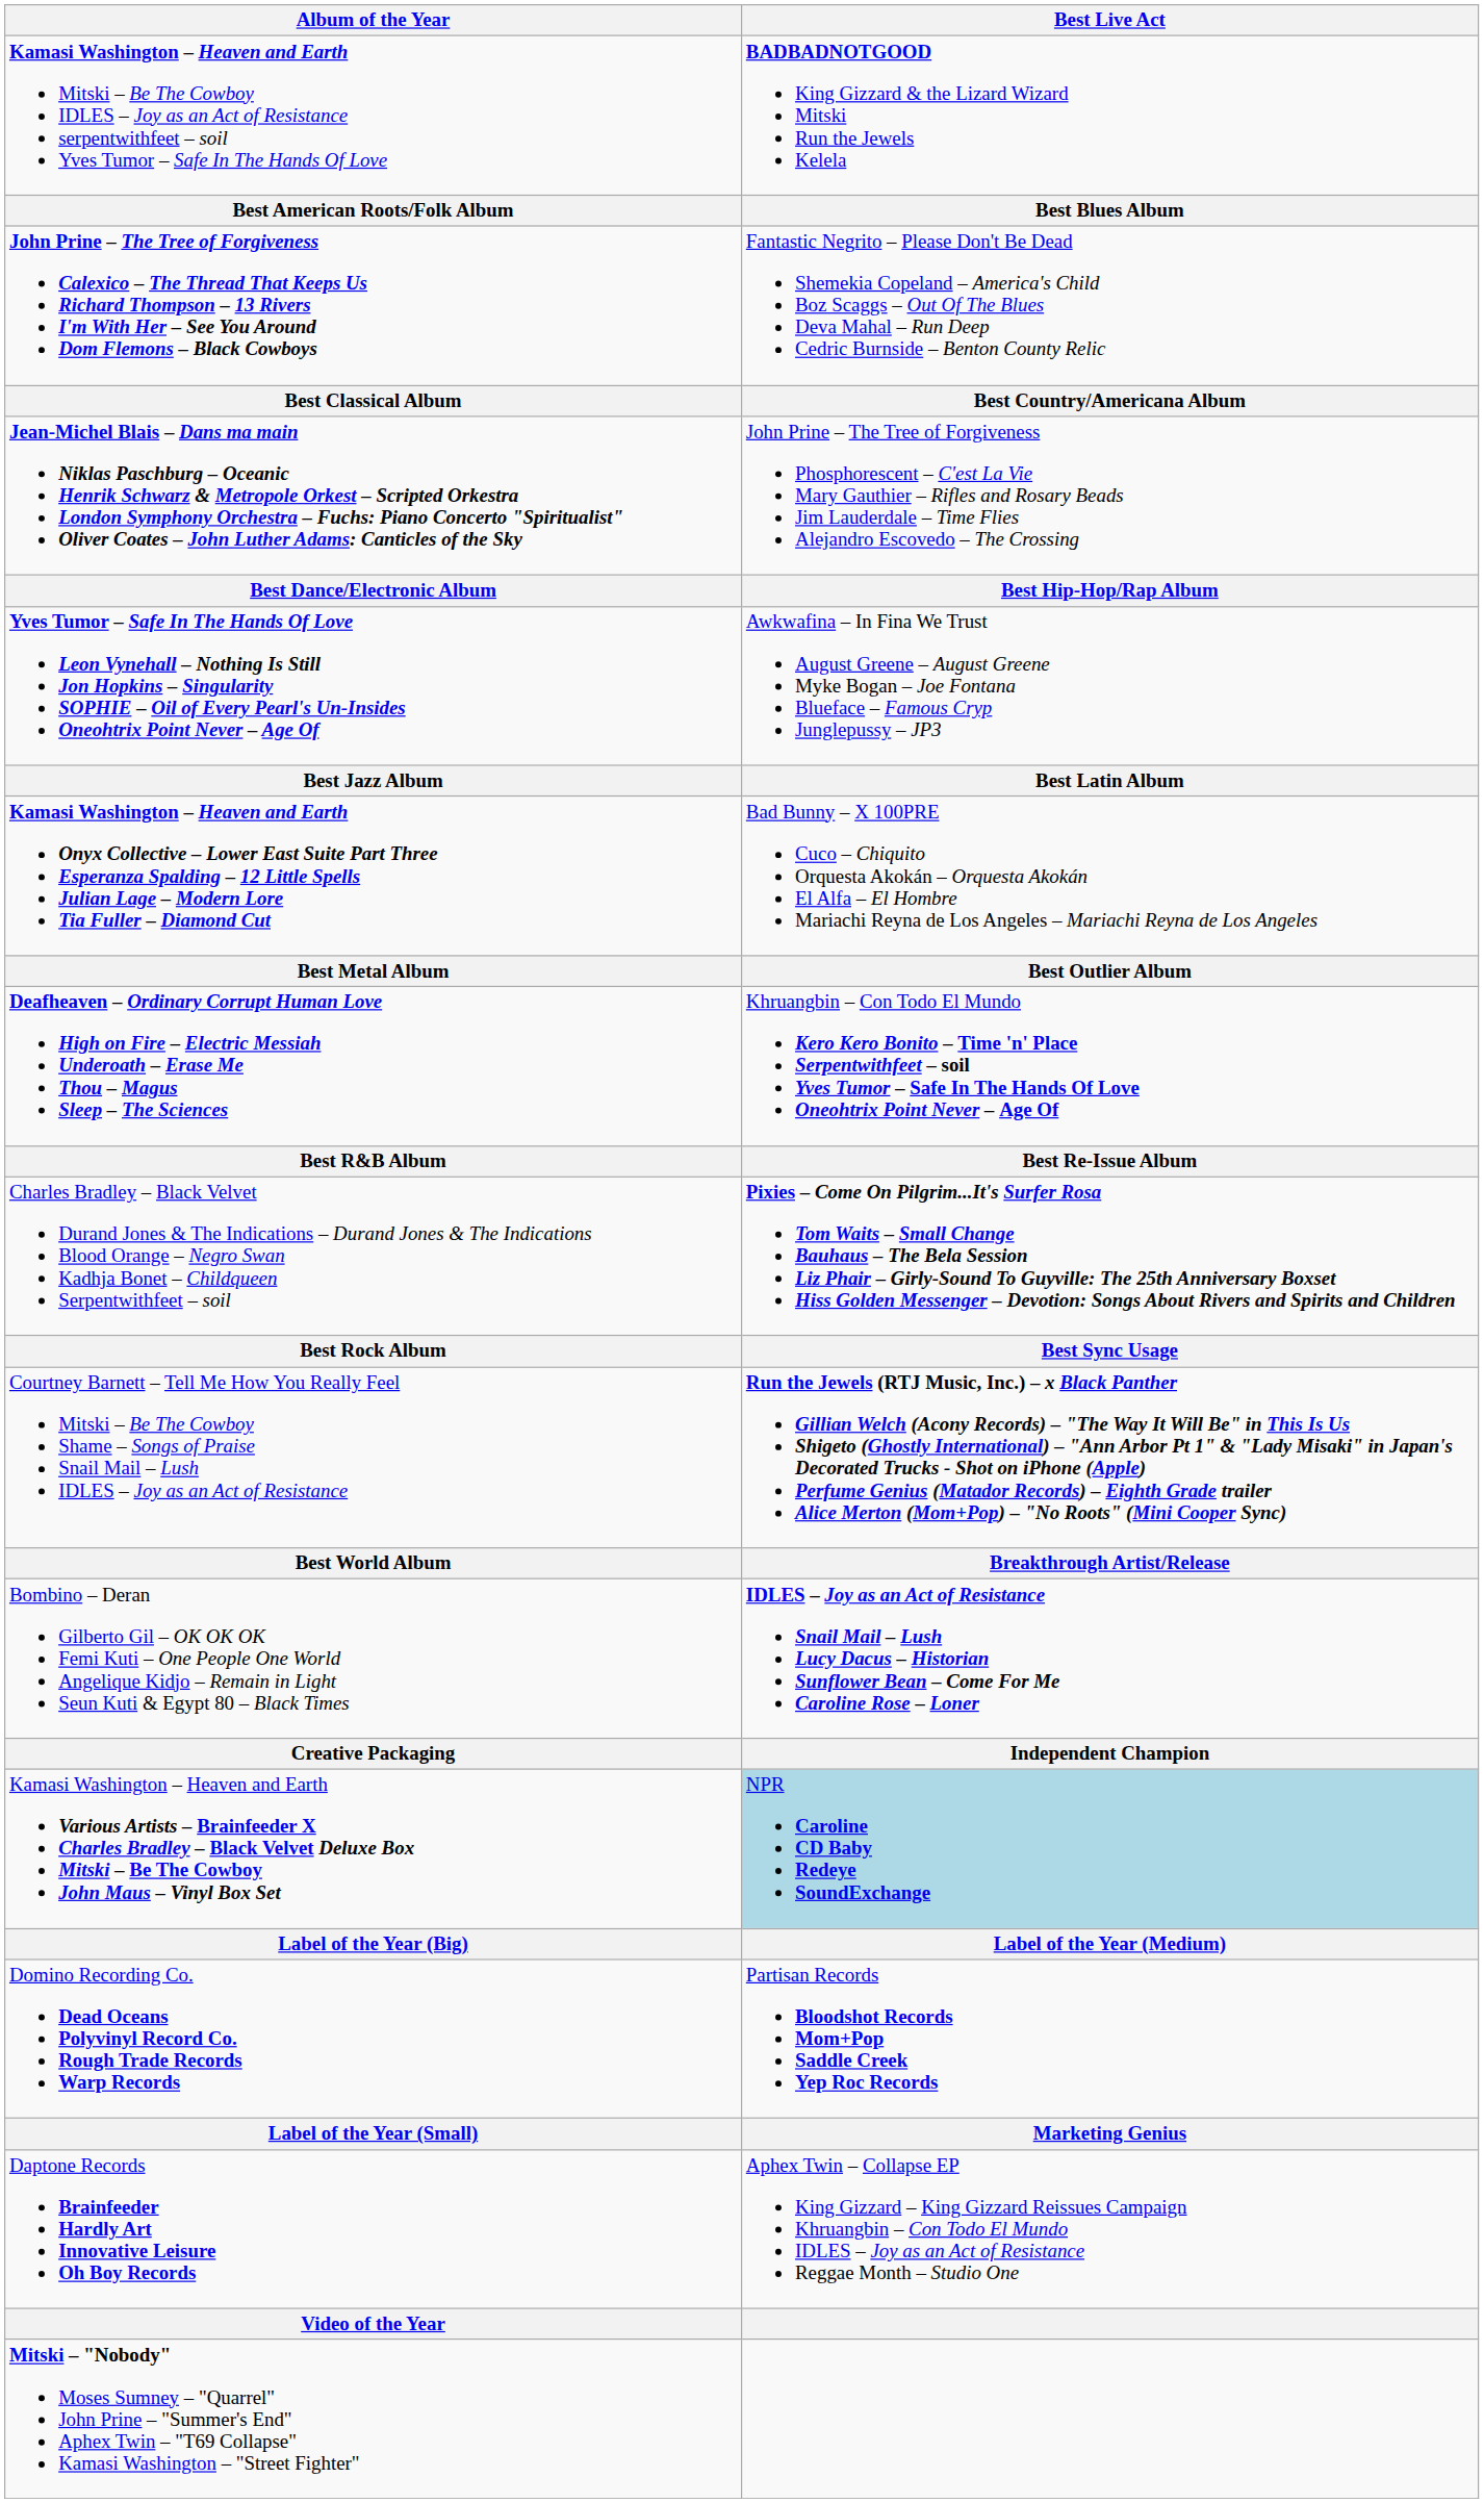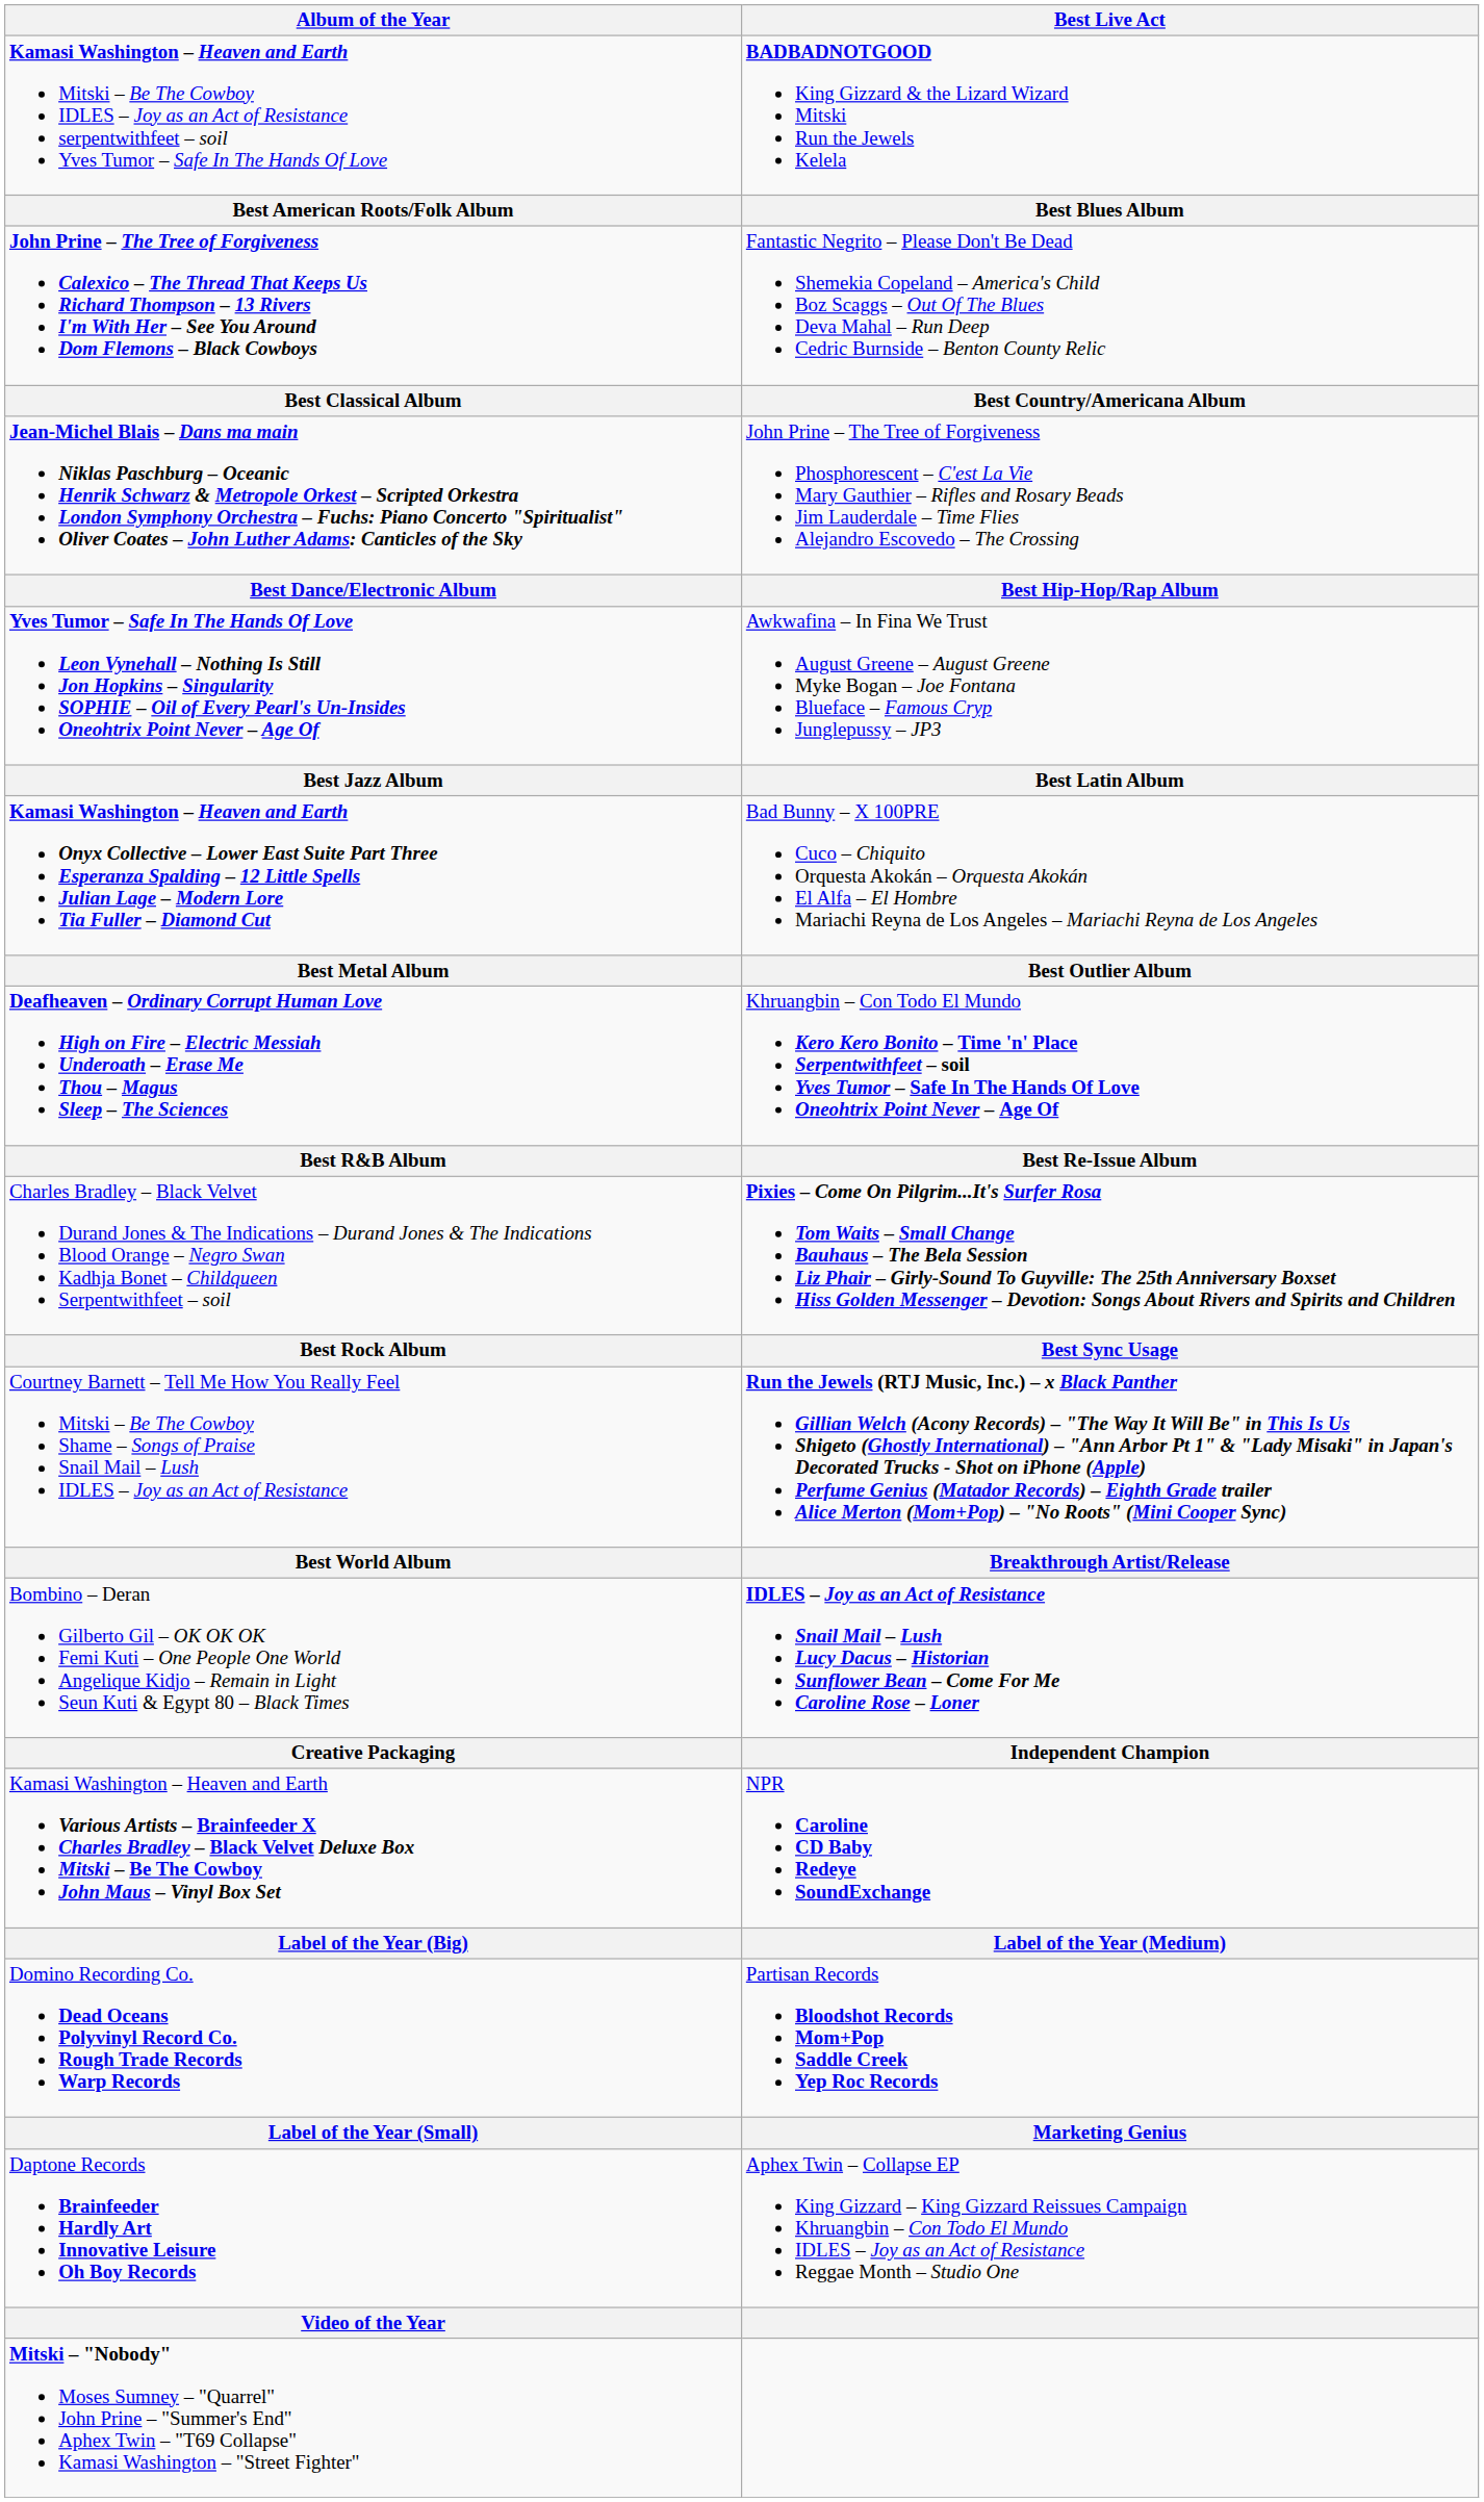 <table class="wikitable" style="width:95%">
 <tr>
 <th width="50%"><a href='#'>Album of the Year</a></th>
 <th width="50%"><a href='#'>Best Live Act</a></th>
 </tr>
 <tr>
 <td valign="top"><strong><a href='#'>Kamasi Washington</a> – <a href='#'><em>Heaven and Earth</em></a></strong><br><ul><li><a href='#'>Mitski</a> – <em><a href='#'>Be The Cowboy</a></em></li><li><a href='#'>IDLES</a> – <em><a href='#'>Joy as an Act of Resistance</a></em></li><li><a href='#'>serpentwithfeet</a> – <em>soil</em></li><li><a href='#'>Yves Tumor</a> – <em><a href='#'>Safe In The Hands Of Love</a></em></li></ul></td>
 <td valign="top"><a href='#'><strong>BADBADNOTGOOD</strong></a><br><ul><li><a href='#'>King Gizzard & the Lizard Wizard</a></li><li><a href='#'>Mitski</a></li><li><a href='#'>Run the Jewels</a></li><li><a href='#'>Kelela</a></li></ul></td>
 </tr>
 <tr>
 <th width="50%">Best American Roots/Folk Album</th>
 <th width="50%">Best Blues Album</th>
 </tr>
 <tr>
 <td valign="top"><strong><a href='#'>John Prine</a> – <em><a href='#'>The Tree of Forgiveness</a><strong><em><br><ul><li><a href='#'>Calexico</a> – </em><a href='#'>The Thread That Keeps Us</a><em></li><li><a href='#'>Richard Thompson</a> – </em><a href='#'>13 Rivers</a><em></li><li><a href='#'>I'm With Her</a> – </em>See You Around<em></li><li><a href='#'>Dom Flemons</a> – </em>Black Cowboys<em></li></ul></td>
 <td valign="top"></strong><a href='#'>Fantastic Negrito</a> – </em><a href='#'>Please Don't Be Dead</a></em></strong><br><ul><li><a href='#'>Shemekia Copeland</a> – <em>America's Child</em></li><li><a href='#'>Boz Scaggs</a> – <em><a href='#'>Out Of The Blues</a></em></li><li><a href='#'>Deva Mahal</a> – <em>Run Deep</em></li><li><a href='#'>Cedric Burnside</a> – <em>Benton County Relic</em></li></ul></td>
 </tr>
 <tr>
 <th width="50%">Best Classical Album</th>
 <th width="50%">Best Country/Americana Album</th>
 </tr>
 <tr>
 <td valign="top"><strong><a href='#'>Jean-Michel Blais</a> – <em><a href='#'>Dans ma main</a><strong><em><br><ul><li>Niklas Paschburg – </em>Oceanic<em></li><li><a href='#'>Henrik Schwarz</a> & <a href='#'>Metropole Orkest</a> – </em>Scripted Orkestra<em></li><li><a href='#'>London Symphony Orchestra</a> – </em>Fuchs: Piano Concerto "Spiritualist"<em></li><li>Oliver Coates – </em><a href='#'>John Luther Adams</a>: Canticles of the Sky<em></li></ul></td>
 <td valign="top"></strong><a href='#'>John Prine</a> – </em><a href='#'>The Tree of Forgiveness</a></em></strong><br><ul><li><a href='#'>Phosphorescent</a> – <em><a href='#'>C'est La Vie</a></em></li><li><a href='#'>Mary Gauthier</a> – <em>Rifles and Rosary Beads</em></li><li><a href='#'>Jim Lauderdale</a> – <em>Time Flies</em></li><li><a href='#'>Alejandro Escovedo</a> – <em>The Crossing</em></li></ul></td>
 </tr>
 <tr>
 <th width="50%"><a href='#'>Best Dance/Electronic Album</a></th>
 <th width="50%"><a href='#'>Best Hip-Hop/Rap Album</a></th>
 </tr>
 <tr>
 <td valign="top"><strong><a href='#'>Yves Tumor</a> – <em><a href='#'>Safe In The Hands Of Love</a><strong><em><br><ul><li><a href='#'>Leon Vynehall</a> – </em>Nothing Is Still<em></li><li><a href='#'>Jon Hopkins</a> – </em><a href='#'>Singularity</a><em></li><li><a href='#'>SOPHIE</a> – </em><a href='#'>Oil of Every Pearl's Un-Insides</a><em></li><li><a href='#'>Oneohtrix Point Never</a> – </em><a href='#'>Age Of</a><em></li></ul></td>
 <td valign="top"></strong><a href='#'>Awkwafina</a> – </em>In Fina We Trust</em></strong><br><ul><li><a href='#'>August Greene</a> – <em>August Greene</em></li><li>Myke Bogan – <em>Joe Fontana</em></li><li><a href='#'>Blueface</a> – <em><a href='#'>Famous Cryp</a></em></li><li><a href='#'>Junglepussy</a> – <em>JP3</em></li></ul></td>
 </tr>
 <tr>
 <th width="50%">Best Jazz Album</th>
 <th width="50%">Best Latin Album</th>
 </tr>
 <tr>
 <td valign="top"><strong><a href='#'>Kamasi Washington</a> – <em><a href='#'>Heaven and Earth</a><strong><em><br><ul><li>Onyx Collective – </em>Lower East Suite Part Three<em></li><li><a href='#'>Esperanza Spalding</a> – </em><a href='#'>12 Little Spells</a><em></li><li><a href='#'>Julian Lage</a> – </em><a href='#'>Modern Lore</a><em></li><li><a href='#'>Tia Fuller</a> – </em><a href='#'>Diamond Cut</a><em></li></ul></td>
 <td valign="top"></strong><a href='#'>Bad Bunny</a> – </em><a href='#'>X 100PRE</a></em></strong><br><ul><li><a href='#'>Cuco</a> – <em>Chiquito</em></li><li>Orquesta Akokán – <em>Orquesta Akokán</em></li><li><a href='#'>El Alfa</a> – <em>El Hombre</em></li><li>Mariachi Reyna de Los Angeles – <em>Mariachi Reyna de Los Angeles</em></li></ul></td>
 </tr>
 <tr>
 <th width="50%">Best Metal Album</th>
 <th width="50%">Best Outlier Album</th>
 </tr>
 <tr>
 <td valign="top"><strong><a href='#'>Deafheaven</a> – <em><a href='#'>Ordinary Corrupt Human Love</a><strong><em><br><ul><li><a href='#'>High on Fire</a> – </em><a href='#'>Electric Messiah</a><em></li><li><a href='#'>Underoath</a> – <a href='#'></em>Erase Me<em></a></li><li><a href='#'>Thou</a> – <a href='#'></em>Magus<em></a></li><li><a href='#'>Sleep</a> – </em><a href='#'>The Sciences</a><em></li></ul></td>
 <td valign="top"></strong><a href='#'>Khruangbin</a> – <a href='#'></em>Con Todo El Mundo<em></a><strong><br><ul><li><a href='#'>Kero Kero Bonito</a> – </em><a href='#'>Time 'n' Place</a><em></li><li><a href='#'>Serpentwithfeet</a> – </em>soil<em></li><li><a href='#'>Yves Tumor</a> – <a href='#'></em>Safe In The Hands Of Love<em></a></li><li><a href='#'>Oneohtrix Point Never</a> – </em><a href='#'>Age Of</a><em></li></ul></td>
 </tr>
 <tr>
 <th width="50%">Best R&B Album</th>
 <th width="50%">Best Re-Issue Album</th>
 </tr>
 <tr>
 <td valign="top"></strong><a href='#'>Charles Bradley</a> – </em><a href='#'>Black Velvet</a></em></strong><br><ul><li><a href='#'>Durand Jones & The Indications</a> – <em>Durand Jones & The Indications</em></li><li><a href='#'>Blood Orange</a> – <em><a href='#'>Negro Swan</a></em></li><li><a href='#'>Kadhja Bonet</a> – <em><a href='#'>Childqueen</a></em></li><li><a href='#'>Serpentwithfeet</a> – <em>soil</em></li></ul></td>
 <td valign="top"><strong><a href='#'>Pixies</a> – <em>Come On Pilgrim...It's <a href='#'>Surfer Rosa</a><strong><em><br><ul><li><a href='#'>Tom Waits</a> – <a href='#'></em>Small Change<em></a></li><li><a href='#'>Bauhaus</a> – </em>The Bela Session<em></li><li><a href='#'>Liz Phair</a> – </em>Girly-Sound To Guyville: The 25th Anniversary Boxset<em></li><li><a href='#'>Hiss Golden Messenger</a> – </em>Devotion: Songs About Rivers and Spirits and Children<em></li></ul></td>
 </tr>
 <tr>
 <th width="50%">Best Rock Album</th>
 <th width="50%"><a href='#'>Best Sync Usage</a></th>
 </tr>
 <tr>
 <td valign="top"></strong><a href='#'>Courtney Barnett</a> – </em><a href='#'>Tell Me How You Really Feel</a></em></strong><br><ul><li><a href='#'>Mitski</a> – <a href='#'><em>Be The Cowboy</em></a></li><li><a href='#'>Shame</a> – <a href='#'><em>Songs of Praise</em></a></li><li><a href='#'>Snail Mail</a> – <a href='#'><em>Lush</em></a></li><li><a href='#'>IDLES</a> – <em><a href='#'>Joy as an Act of Resistance</a></em></li></ul></td>
 <td valign="top"><strong><a href='#'>Run the Jewels</a> (RTJ Music, Inc.) – <em>x <a href='#'>Black Panther</a><strong><em><br><ul><li><a href='#'>Gillian Welch</a> (Acony Records) – "The Way It Will Be" in </em><a href='#'>This Is Us</a><em></li><li>Shigeto (<a href='#'>Ghostly International</a>) – "Ann Arbor Pt 1" & "Lady Misaki" in </em>Japan's Decorated Trucks - Shot on iPhone<em> (<a href='#'>Apple</a>)</li><li><a href='#'>Perfume Genius</a> (<a href='#'>Matador Records</a>) – </em><a href='#'>Eighth Grade</a><em> trailer</li><li><a href='#'>Alice Merton</a> (<a href='#'>Mom+Pop</a>) – "No Roots" (<a href='#'>Mini Cooper</a> Sync)</li></ul></td>
 </tr>
 <tr>
 <th width="50%">Best World Album</th>
 <th width="50%"><a href='#'>Breakthrough Artist/Release</a></th>
 </tr>
 <tr>
 <td valign="top"></strong><a href='#'>Bombino</a> – </em>Deran</em></strong><br><ul><li><a href='#'>Gilberto Gil</a> – <em>OK OK OK</em></li><li><a href='#'>Femi Kuti</a> – <em>One People One World</em></li><li><a href='#'>Angelique Kidjo</a> – <em>Remain in Light</em></li><li><a href='#'>Seun Kuti</a> & Egypt 80 – <em>Black Times</em></li></ul></td>
 <td valign="top"><strong><a href='#'>IDLES</a> – <em><a href='#'>Joy as an Act of Resistance</a><strong><em><br><ul><li><a href='#'>Snail Mail</a> – <a href='#'></em>Lush<em></a></li><li><a href='#'>Lucy Dacus</a> – <a href='#'></em>Historian<em></a></li><li><a href='#'>Sunflower Bean</a> – </em>Come For Me<em></li><li><a href='#'>Caroline Rose</a> – <a href='#'></em>Loner<em></a></li></ul></td>
 </tr>
 <tr>
 <th width="50%">Creative Packaging</th>
 <th width="50%">Independent Champion</th>
 </tr>
 <tr>
 <td valign="top"></strong><a href='#'>Kamasi Washington</a> – <a href='#'></em>Heaven and Earth<em></a><strong><br><ul><li>Various Artists – </em><a href='#'>Brainfeeder X</a><em></li><li><a href='#'>Charles Bradley</a> – </em><a href='#'>Black Velvet</a><em> Deluxe Box</li><li><a href='#'>Mitski</a> – <a href='#'></em>Be The Cowboy<em></a></li><li><a href='#'>John Maus</a> – Vinyl Box Set</li></ul></td>
-<td valign="top" style="background: lightblue;"></strong><a href='#'>NPR</a><strong><br><ul><li><a href='#'>Caroline</a></li><li><a href='#'>CD Baby</a></li><li><a href='#'>Redeye</a></li><li><a href='#'>SoundExchange</a></li></ul></td>
+<td valign="top"></strong><a href='#'>NPR</a><strong><br><ul><li><a href='#'>Caroline</a></li><li><a href='#'>CD Baby</a></li><li><a href='#'>Redeye</a></li><li><a href='#'>SoundExchange</a></li></ul></td>
 </tr>
 <tr>
 <th width="50%"><a href='#'>Label of the Year (Big)</a></th>
 <th width="50%"><a href='#'>Label of the Year (Medium)</a></th>
 </tr>
 <tr>
 <td valign="top"><a href='#'></strong>Domino Recording Co.<strong></a><br><ul><li><a href='#'>Dead Oceans</a></li><li><a href='#'>Polyvinyl Record Co.</a></li><li><a href='#'>Rough Trade Records</a></li><li><a href='#'>Warp Records</a></li></ul></td>
 <td valign="top"></strong><a href='#'>Partisan Records</a><strong><br><ul><li><a href='#'>Bloodshot Records</a></li><li><a href='#'>Mom+Pop</a></li><li><a href='#'>Saddle Creek</a></li><li><a href='#'>Yep Roc Records</a></li></ul></td>
 </tr>
 <tr>
 <th width="50%"><a href='#'>Label of the Year (Small)</a></th>
 <th width="50%"><a href='#'>Marketing Genius</a></th>
 </tr>
 <tr>
 <td valign="top"></strong><a href='#'>Daptone Records</a><strong><br><ul><li><a href='#'>Brainfeeder</a></li><li><a href='#'>Hardly Art</a></li><li><a href='#'>Innovative Leisure</a></li><li><a href='#'>Oh Boy Records</a></li></ul></td>
 <td valign="top"></strong><a href='#'>Aphex Twin</a> – </em><a href='#'>Collapse EP</a></em></strong><br><ul><li><a href='#'>King Gizzard</a> – <a href='#'>King Gizzard Reissues Campaign</a></li><li><a href='#'>Khruangbin</a> – <em><a href='#'>Con Todo El Mundo</a></em></li><li><a href='#'>IDLES</a> – <em><a href='#'>Joy as an Act of Resistance</a></em></li><li>Reggae Month – <em>Studio One</em></li></ul></td>
 </tr>
 <tr>
 <th width="50%"><a href='#'>Video of the Year</a></th>
 <th width="50%"></th>
 </tr>
 <tr>
 <td valign="top"><strong><a href='#'>Mitski</a> – "Nobody"</strong><br><ul><li><a href='#'>Moses Sumney</a> – "Quarrel"</li><li><a href='#'>John Prine</a> – "Summer's End"</li><li><a href='#'>Aphex Twin</a> – "T69 Collapse"</li><li><a href='#'>Kamasi Washington</a> – "Street Fighter"</li></ul></td>
 <td valign="top"></td>
 </tr>
 <tr>
 </tr>
 </table>
